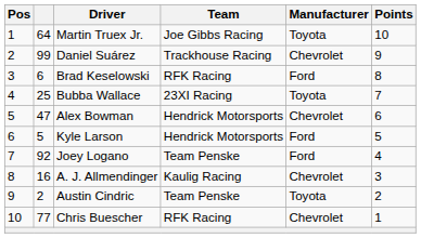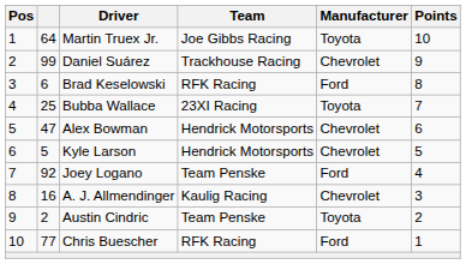 <table class="wikitable" style="font-size:98%">
 <tr>
 <th>Pos</th>
 <th></th>
 <th>Driver</th>
 <th>Team</th>
 <th>Manufacturer</th>
 <th>Points</th>
 </tr>
 <tr>
 <td>1</td>
 <td>64</td>
 <td>Martin Truex Jr.</td>
 <td>Joe Gibbs Racing</td>
 <td>Toyota</td>
 <td>10</td>
 </tr>
 <tr>
 <td>2</td>
 <td>99</td>
 <td>Daniel Suárez</td>
 <td>Trackhouse Racing</td>
 <td>Chevrolet</td>
 <td>9</td>
 </tr>
 <tr>
 <td>3</td>
 <td>6</td>
 <td>Brad Keselowski</td>
 <td>RFK Racing</td>
 <td>Ford</td>
 <td>8</td>
 </tr>
 <tr>
 <td>4</td>
 <td>25</td>
 <td>Bubba Wallace</td>
 <td>23XI Racing</td>
 <td>Toyota</td>
 <td>7</td>
 </tr>
 <tr>
 <td>5</td>
 <td>47</td>
 <td>Alex Bowman</td>
 <td>Hendrick Motorsports</td>
 <td>Chevrolet</td>
 <td>6</td>
 </tr>
 <tr>
 <td>6</td>
 <td>5</td>
 <td>Kyle Larson</td>
 <td>Hendrick Motorsports</td>
-<td>Ford</td>
+<td>Chevrolet</td>
 <td>5</td>
 </tr>
 <tr>
 <td>7</td>
 <td>92</td>
 <td>Joey Logano</td>
 <td>Team Penske</td>
 <td>Ford</td>
 <td>4</td>
 </tr>
 <tr>
 <td>8</td>
 <td>16</td>
 <td>A. J. Allmendinger</td>
 <td>Kaulig Racing</td>
 <td>Chevrolet</td>
 <td>3</td>
 </tr>
 <tr>
 <td>9</td>
 <td>2</td>
 <td>Austin Cindric</td>
 <td>Team Penske</td>
 <td>Toyota</td>
 <td>2</td>
 </tr>
 <tr>
 <td>10</td>
 <td>77</td>
 <td>Chris Buescher</td>
 <td>RFK Racing</td>
-<td>Chevrolet</td>
+<td>Ford</td>
 <td>1</td>
 </tr>
 <tr>
 <th colspan="6"></th>
 </tr>
 </table>
